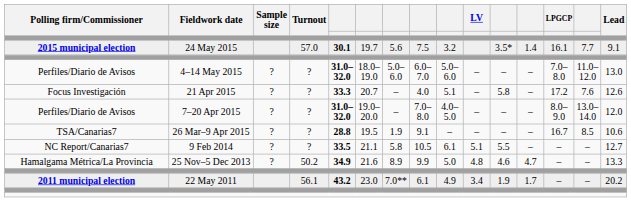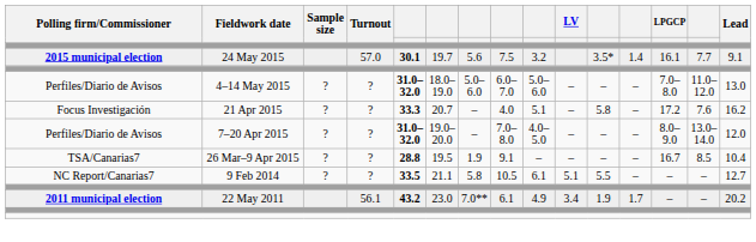 <table class="wikitable collapsible collapsed" style="text-align:center; font-size:95%; line-height:16px;">
 <tr style="height:42px;">
 <th style="width:250px;" rowspan="2">Polling firm/Commissioner</th>
 <th style="width:125px;" rowspan="2">Fieldwork date</th>
 <th style="width:50px;" rowspan="2">Sample size</th>
 <th style="width:45px;" rowspan="2">Turnout</th>
 <th style="width:35px;"></th>
 <th style="width:35px;"></th>
 <th style="width:35px;"></th>
 <th style="width:35px;"></th>
 <th style="width:35px;"></th>
 <th style="width:35px;"><a href='#'>LV</a></th>
 <th style="width:35px;"></th>
 <th style="width:35px;"></th>
 <th style="width:35px; font-size:80%;">LPGCP</th>
 <th style="width:35px;"></th>
 <th style="width:30px;" rowspan="2">Lead</th>
 </tr>
 <tr>
 <th style="color:inherit;background:"></th>
 <th style="color:inherit;background:"></th>
 <th style="color:inherit;background:"></th>
 <th style="color:inherit;background:"></th>
 <th style="color:inherit;background:"></th>
 <th style="color:inherit;background:"></th>
 <th style="color:inherit;background:"></th>
 <th style="color:inherit;background:"></th>
 <th style="color:inherit;background:"></th>
 <th style="color:inherit;background:"></th>
 </tr>
 <tr>
 <td colspan="15" style="background:#A0A0A0"></td>
 </tr>
 <tr style="background:#EFEFEF;">
 <td><strong><a href='#'>2015 municipal election</a></strong></td>
 <td>24 May 2015</td>
 <td></td>
 <td>57.0</td>
 <td><strong>30.1</strong><br></td>
 <td>19.7<br></td>
 <td>5.6<br></td>
 <td>7.5<br></td>
 <td>3.2<br></td>
 <td></td>
 <td>3.5*<br></td>
 <td>1.4<br></td>
 <td>16.1<br></td>
 <td>7.7<br></td>
 <td style="background:">9.1</td>
 </tr>
 <tr>
 <td colspan="15" style="background:#A0A0A0"></td>
 </tr>
 <tr>
 <td>Perfiles/Diario de Avisos</td>
 <td>4–14 May 2015</td>
 <td>?</td>
 <td>?</td>
 <td><strong>31.0–<br>32.0</strong><br></td>
 <td>18.0–<br>19.0<br></td>
 <td>5.0–<br>6.0<br></td>
 <td>6.0–<br>7.0<br></td>
 <td>5.0–<br>6.0<br></td>
 <td>–</td>
 <td>–</td>
 <td>–</td>
 <td>7.0–<br>8.0<br></td>
 <td>11.0–<br>12.0<br></td>
 <td style="background:">13.0</td>
 </tr>
 <tr>
 <td>Focus Investigación</td>
 <td>21 Apr 2015</td>
 <td>?</td>
 <td>?</td>
 <td><strong>33.3</strong><br></td>
 <td>20.7<br></td>
 <td>–</td>
 <td>4.0<br></td>
 <td>5.1<br></td>
 <td>–</td>
 <td>5.8<br></td>
 <td>–</td>
 <td>17.2<br></td>
 <td>7.6<br></td>
-<td style="background:">12.6</td>
+<td style="background:">16.2</td>
 </tr>
 <tr>
 <td>Perfiles/Diario de Avisos</td>
 <td>7–20 Apr 2015</td>
 <td>?</td>
 <td>?</td>
 <td><strong>31.0–<br>32.0</strong><br></td>
 <td>19.0–<br>20.0<br></td>
 <td>–</td>
 <td>7.0–<br>8.0<br></td>
 <td>4.0–<br>5.0<br></td>
 <td>–</td>
 <td>–</td>
 <td>–</td>
 <td>8.0–<br>9.0<br></td>
 <td>13.0–<br>14.0<br></td>
 <td style="background:">12.0</td>
 </tr>
 <tr>
 <td>TSA/Canarias7</td>
 <td>26 Mar–9 Apr 2015</td>
 <td>?</td>
 <td>?</td>
 <td><strong>28.8</strong><br></td>
 <td>19.5<br></td>
 <td>1.9<br></td>
 <td>9.1<br></td>
 <td>–</td>
 <td>–</td>
 <td>–</td>
 <td>–</td>
 <td>16.7<br></td>
 <td>8.5<br></td>
-<td style="background:">10.6</td>
+<td style="background:">10.4</td>
 </tr>
 <tr>
 <td>NC Report/Canarias7</td>
 <td>9 Feb 2014</td>
 <td>?</td>
 <td>?</td>
 <td><strong>33.5</strong><br></td>
 <td>21.1<br></td>
 <td>5.8<br></td>
 <td>10.5<br></td>
 <td>6.1<br></td>
 <td>5.1<br></td>
 <td>5.5<br></td>
 <td>–</td>
 <td>–</td>
 <td>–</td>
 <td style="background:">12.7</td>
-</tr>
-<tr>
-<td>Hamalgama Métrica/La Provincia</td>
-<td>25 Nov–5 Dec 2013</td>
-<td>?</td>
-<td>50.2</td>
-<td><strong>34.9</strong><br></td>
-<td>21.6<br></td>
-<td>8.9<br></td>
-<td>9.9<br></td>
-<td>5.0<br></td>
-<td>4.8<br></td>
-<td>4.6<br></td>
-<td>4.7<br></td>
-<td>–</td>
-<td>–</td>
-<td style="background:">13.3</td>
 </tr>
 <tr>
 <td colspan="15" style="background:#A0A0A0"></td>
 </tr>
 <tr style="background:#EFEFEF;">
 <td><strong><a href='#'>2011 municipal election</a></strong></td>
 <td>22 May 2011</td>
 <td></td>
 <td>56.1</td>
 <td><strong>43.2</strong><br></td>
 <td>23.0<br></td>
 <td>7.0**<br></td>
 <td>6.1<br></td>
 <td>4.9<br></td>
 <td>3.4<br></td>
 <td>1.9<br></td>
 <td>1.7<br></td>
 <td>–</td>
 <td>–</td>
 <td style="background:">20.2</td>
 </tr>
 <tr>
 <td colspan="15" style="background:#A0A0A0"></td>
 </tr>
 <tr>
 <td align="left" colspan="15"></td>
 </tr>
 </table>
